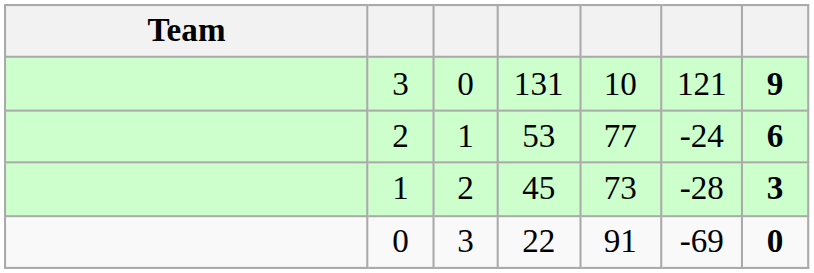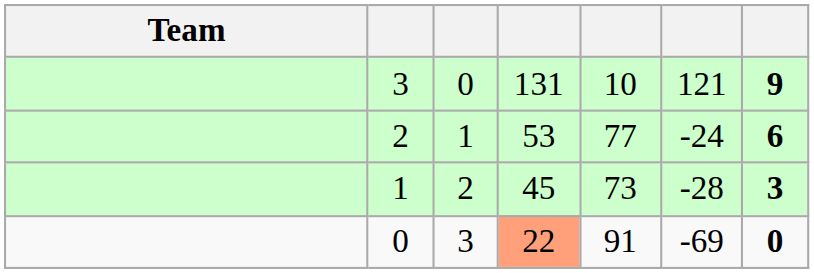 <table class="wikitable" style="text-align:center;">
 <tr>
 <th style="width:10.5em;">Team</th>
 <th style="width:1.5em;"></th>
 <th style="width:1.5em;"></th>
 <th style="width:2.0em;"></th>
 <th style="width:2.0em;"></th>
 <th style="width:2.0em;"></th>
 <th style="width:1.5em;"></th>
 </tr>
 <tr bgcolor=#cfc>
 <td align="left"></td>
 <td>3</td>
 <td>0</td>
 <td>131</td>
 <td>10</td>
 <td>121</td>
 <td><strong>9</strong></td>
 </tr>
 <tr bgcolor=#cfc>
 <td align="left"></td>
 <td>2</td>
 <td>1</td>
 <td>53</td>
 <td>77</td>
 <td>-24</td>
 <td><strong>6</strong></td>
 </tr>
 <tr bgcolor=#cfc>
 <td align="left"></td>
 <td>1</td>
 <td>2</td>
 <td>45</td>
 <td>73</td>
 <td>-28</td>
 <td><strong>3</strong></td>
 </tr>
 <tr>
 <td align="left"></td>
 <td>0</td>
 <td>3</td>
-<td>22</td>
+<td style="background: lightsalmon;">22</td>
 <td>91</td>
 <td>-69</td>
 <td><strong>0</strong></td>
 </tr>
 </table>
